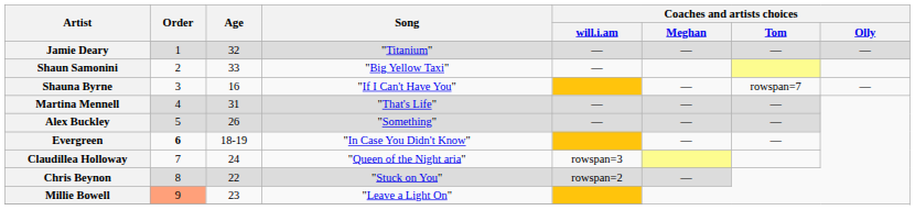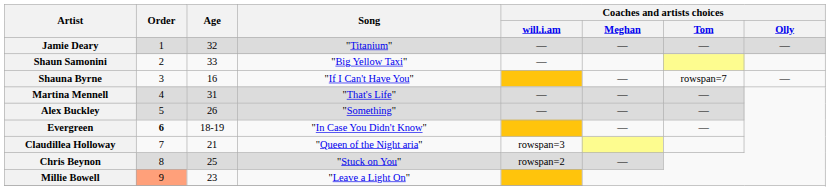 <table class="wikitable" style="text-align:center; width:100%;">
 <tr>
 <th rowspan="2" scope="col" style="width:13%;">Artist</th>
 <th rowspan="2" scope="col" style="width:05%;">Order</th>
 <th rowspan="2" scope="col" style="width:05%;">Age</th>
 <th rowspan="2" scope="col" style="width:26%;">Song</th>
 <th colspan="4" style="width:40%;">Coaches and artists choices</th>
 </tr>
 <tr>
 <th style="width:8%;"><a href='#'>will.i.am</a></th>
 <th style="width:8%;"><a href='#'>Meghan</a></th>
 <th style="width:8%;"><a href='#'>Tom</a></th>
 <th style="width:8%;"><a href='#'>Olly</a></th>
 </tr>
 <tr style="background:#DCDCDC;">
 <th scope="row">Jamie Deary</th>
 <td>1</td>
 <td>32</td>
 <td>"<a href='#'>Titanium</a>"</td>
 <td>—</td>
 <td>—</td>
 <td>—</td>
 <td>—</td>
 </tr>
 <tr>
 <th scope="row">Shaun Samonini</th>
 <td>2</td>
 <td>33</td>
 <td>"<a href='#'>Big Yellow Taxi</a>"</td>
 <td>—</td>
 <td><strong></strong></td>
 <td style="background:#fdfc8f;"><strong></strong></td>
 <td><strong></strong></td>
 </tr>
 <tr>
 <th scope="row">Shauna Byrne</th>
 <td>3</td>
 <td>16</td>
 <td>"<a href='#'>If I Can't Have You</a>"</td>
 <td style="background:#FFC40C;text-align:center;"><strong></strong></td>
 <td>—</td>
 <td>rowspan=7 </td>
 <td>—</td>
 </tr>
 <tr style="background:#DCDCDC;">
 <th scope="row">Martina Mennell</th>
 <td>4</td>
 <td>31</td>
 <td>"<a href='#'>That's Life</a>"</td>
 <td>—</td>
 <td>—</td>
 <td>—</td>
 </tr>
 <tr style="background:#DCDCDC;">
 <th scope="row">Alex Buckley</th>
 <td>5</td>
 <td>26</td>
 <td>"<a href='#'>Something</a>"</td>
 <td>—</td>
 <td>—</td>
 <td>—</td>
 </tr>
 <tr>
 <th scope="row">Evergreen</th>
 <td><strong>6</strong></td>
 <td>18-19</td>
 <td>"<a href='#'>In Case You Didn't Know</a>"</td>
 <td style="background:#FFC40C;text-align:center;"><strong></strong></td>
 <td>—</td>
 <td>—</td>
 </tr>
 <tr>
 <th scope="row">Claudillea Holloway</th>
 <td>7</td>
-<td>24</td>
+<td>21</td>
 <td>"<a href='#'>Queen of the Night aria</a>"</td>
 <td>rowspan=3 </td>
 <td style="background:#fdfc8f;"><strong></strong></td>
 <td><strong></strong></td>
 </tr>
 <tr style="background:#DCDCDC;">
 <th scope="row">Chris Beynon</th>
 <td>8</td>
-<td>22</td>
+<td>25</td>
 <td>"<a href='#'>Stuck on You</a>"</td>
 <td>rowspan=2 </td>
 <td>—</td>
 </tr>
 <tr>
 <th scope="row">Millie Bowell</th>
 <td style="background: lightsalmon;">9</td>
 <td>23</td>
 <td>"<a href='#'>Leave a Light On</a>"</td>
 <td style="background:#FFC40C;text-align:center;"><strong></strong></td>
 </tr>
 <tr>
 </tr>
 </table>
